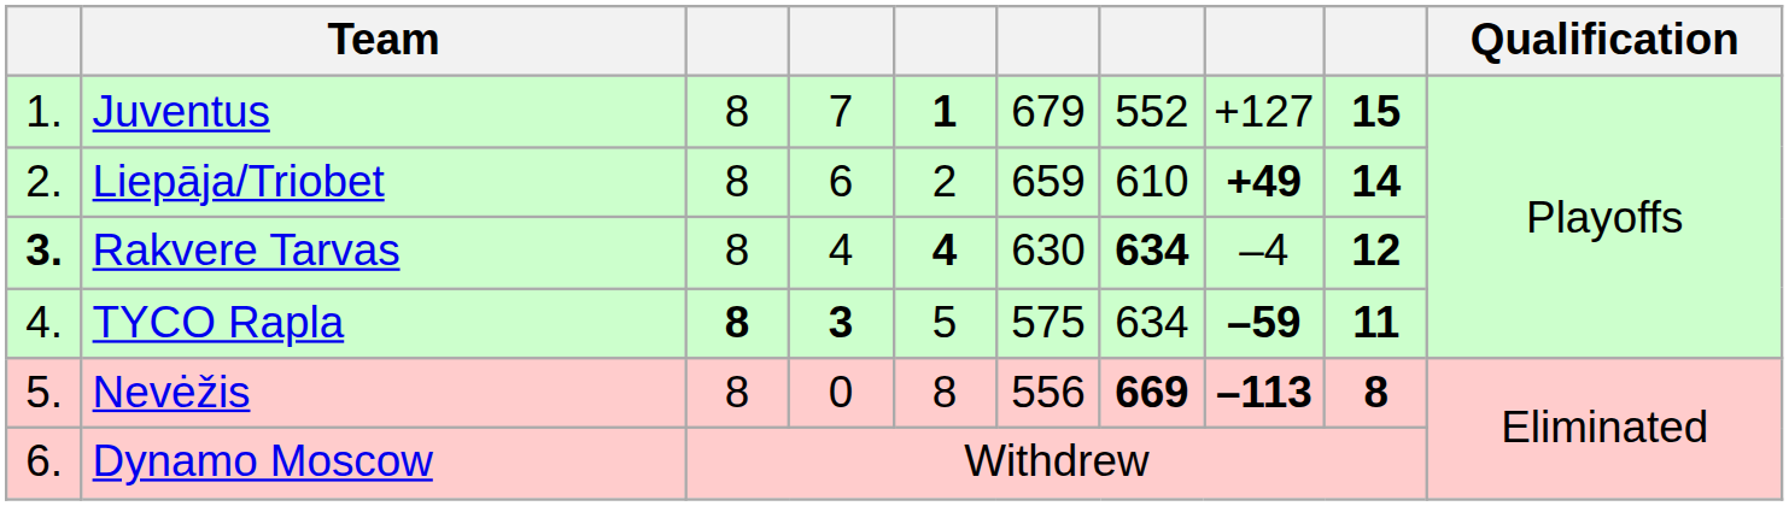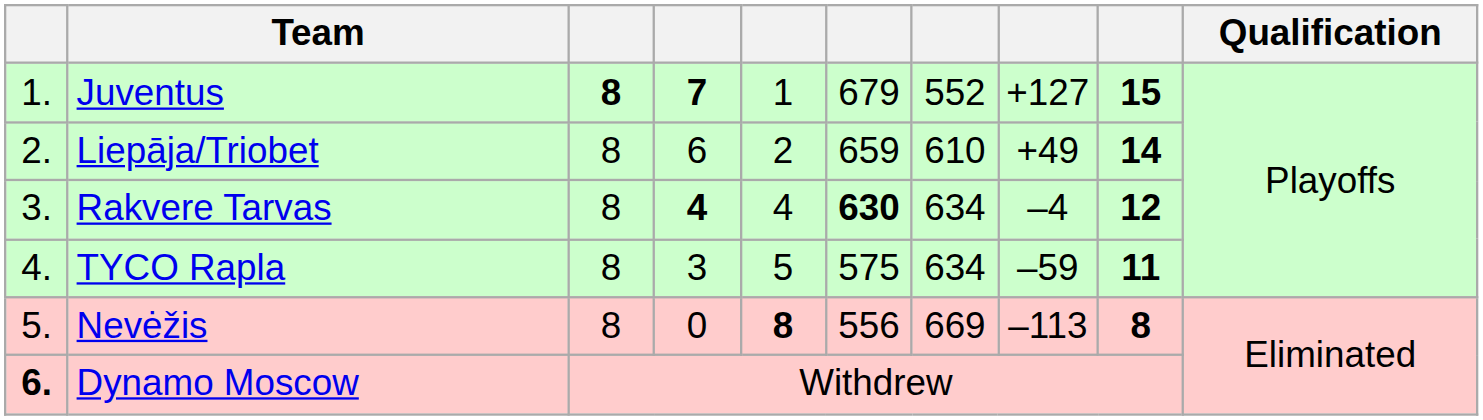 <table class="wikitable" style="text-align: center;">
 <tr>
 <th width=20></th>
 <th width=210>Team</th>
 <th width=30></th>
 <th width=30></th>
 <th width=30></th>
 <th width=30></th>
 <th width=30></th>
 <th width=35></th>
 <th width=30></th>
 <th width=120>Qualification</th>
 </tr>
 <tr bgcolor=#CCFFCC>
 <td>1.</td>
 <td align="left"> <a href='#'>Juventus</a></td>
-<td>8</td>
-<td>7</td>
-<td><strong>1</strong></td>
+<td><strong>8</strong></td>
+<td><strong>7</strong></td>
+<td>1</td>
 <td>679</td>
 <td>552</td>
 <td>+127</td>
 <td><strong>15</strong></td>
 <td rowspan=4 align="center">Playoffs</td>
 </tr>
 <tr bgcolor=#CCFFCC>
 <td>2.</td>
 <td align="left"> <a href='#'>Liepāja/Triobet</a></td>
 <td>8</td>
 <td>6</td>
 <td>2</td>
 <td>659</td>
 <td>610</td>
-<td><strong>+49</strong></td>
+<td>+49</td>
 <td><strong>14</strong></td>
 </tr>
 <tr bgcolor=#CCFFCC>
-<td><strong>3.</strong></td>
+<td>3.</td>
 <td align="left"> <a href='#'>Rakvere Tarvas</a></td>
 <td>8</td>
+<td><strong>4</strong></td>
 <td>4</td>
-<td><strong>4</strong></td>
-<td>630</td>
-<td><strong>634</strong></td>
+<td><strong>630</strong></td>
+<td>634</td>
 <td>–4</td>
 <td><strong>12</strong></td>
 </tr>
 <tr bgcolor=#CCFFCC>
 <td>4.</td>
 <td align="left"> <a href='#'>TYCO Rapla</a></td>
-<td><strong>8</strong></td>
-<td><strong>3</strong></td>
+<td>8</td>
+<td>3</td>
 <td>5</td>
 <td>575</td>
 <td>634</td>
-<td><strong>–59</strong></td>
+<td>–59</td>
 <td><strong>11</strong></td>
 </tr>
 <tr bgcolor=#FFCCCC>
 <td>5.</td>
 <td align="left"> <a href='#'>Nevėžis</a></td>
 <td>8</td>
 <td>0</td>
-<td>8</td>
+<td><strong>8</strong></td>
 <td>556</td>
-<td><strong>669</strong></td>
-<td><strong>–113</strong></td>
+<td>669</td>
+<td>–113</td>
 <td><strong>8</strong></td>
 <td rowspan=2 align"center">Eliminated</td>
 </tr>
 <tr bgcolor=#FFCCCC>
-<td>6.</td>
+<td><strong>6.</strong></td>
 <td align="left"> <a href='#'>Dynamo Moscow</a></td>
 <td colspan=7>Withdrew</td>
 </tr>
 </table>
